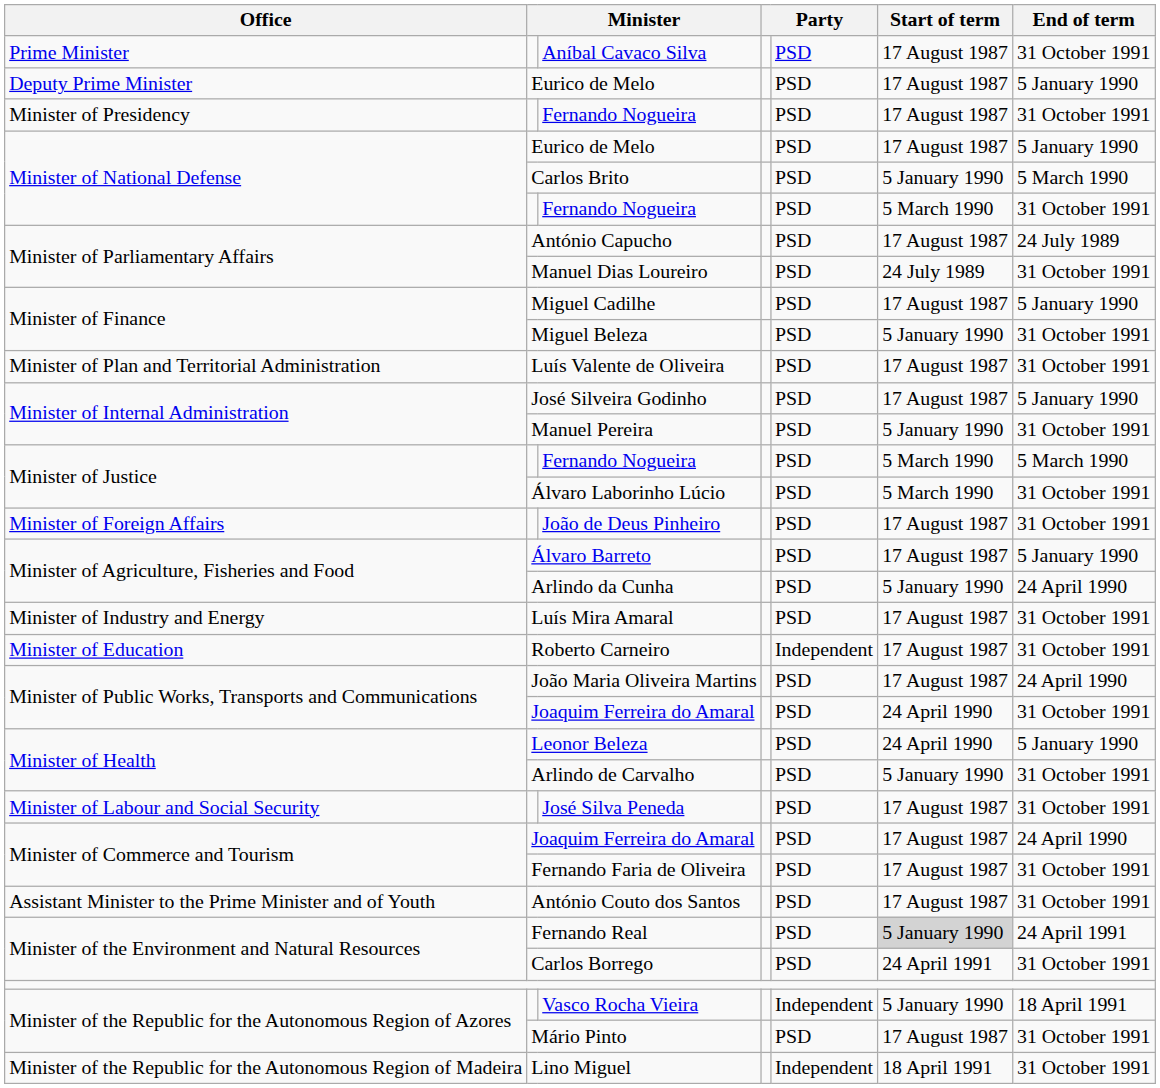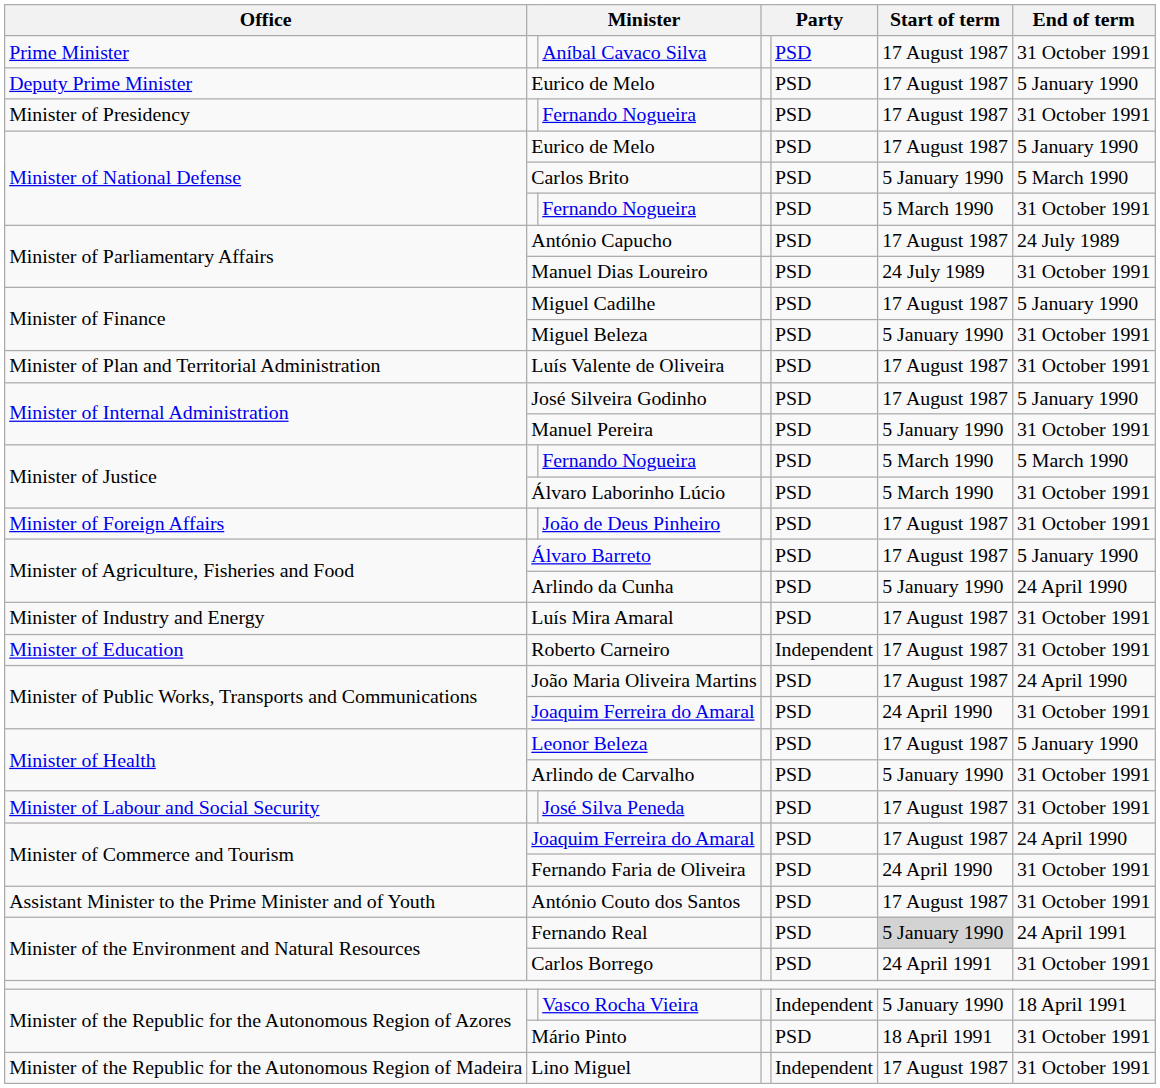 <table class="wikitable">
 <tr>
 <th>Office</th>
 <th colspan="2">Minister</th>
 <th colspan="2">Party</th>
 <th>Start of term</th>
 <th>End of term</th>
 </tr>
 <tr>
 <td><a href='#'>Prime Minister</a></td>
 <td></td>
 <td><a href='#'>Aníbal Cavaco Silva</a></td>
 <td style="background:"></td>
 <td><a href='#'>PSD</a></td>
 <td>17 August 1987</td>
 <td>31 October 1991</td>
 </tr>
 <tr>
 <td><a href='#'>Deputy Prime Minister</a></td>
 <td colspan="2">Eurico de Melo</td>
 <td style="background:"></td>
 <td>PSD</td>
 <td>17 August 1987</td>
 <td>5 January 1990</td>
 </tr>
 <tr>
 <td>Minister of Presidency</td>
 <td></td>
 <td><a href='#'>Fernando Nogueira</a></td>
 <td style="background:"></td>
 <td>PSD</td>
 <td>17 August 1987</td>
 <td>31 October 1991</td>
 </tr>
 <tr>
 <td rowspan="3"><a href='#'>Minister of National Defense</a></td>
 <td colspan="2">Eurico de Melo</td>
 <td style="background:"></td>
 <td>PSD</td>
 <td>17 August 1987</td>
 <td>5 January 1990</td>
 </tr>
 <tr>
 <td colspan="2">Carlos Brito</td>
 <td style="background:"></td>
 <td>PSD</td>
 <td>5 January 1990</td>
 <td>5 March 1990</td>
 </tr>
 <tr>
 <td></td>
 <td><a href='#'>Fernando Nogueira</a></td>
 <td style="background:"></td>
 <td>PSD</td>
 <td>5 March 1990</td>
 <td>31 October 1991</td>
 </tr>
 <tr>
 <td rowspan="2">Minister of Parliamentary Affairs</td>
 <td colspan="2">António Capucho</td>
 <td style="background:"></td>
 <td>PSD</td>
 <td>17 August 1987</td>
 <td>24 July 1989</td>
 </tr>
 <tr>
 <td colspan="2">Manuel Dias Loureiro</td>
 <td style="background:"></td>
 <td>PSD</td>
 <td>24 July 1989</td>
 <td>31 October 1991</td>
 </tr>
 <tr>
 <td rowspan="2">Minister of Finance</td>
 <td colspan="2">Miguel Cadilhe</td>
 <td style="background:"></td>
 <td>PSD</td>
 <td>17 August 1987</td>
 <td>5 January 1990</td>
 </tr>
 <tr>
 <td colspan="2">Miguel Beleza</td>
 <td style="background:"></td>
 <td>PSD</td>
 <td>5 January 1990</td>
 <td>31 October 1991</td>
 </tr>
 <tr>
 <td>Minister of Plan and Territorial Administration</td>
 <td colspan="2">Luís Valente de Oliveira</td>
 <td style="background:"></td>
 <td>PSD</td>
 <td>17 August 1987</td>
 <td>31 October 1991</td>
 </tr>
 <tr>
 <td rowspan="2"><a href='#'>Minister of Internal Administration</a></td>
 <td colspan="2">José Silveira Godinho</td>
 <td style="background:"></td>
 <td>PSD</td>
 <td>17 August 1987</td>
 <td>5 January 1990</td>
 </tr>
 <tr>
 <td colspan="2">Manuel Pereira</td>
 <td style="background:"></td>
 <td>PSD</td>
 <td>5 January 1990</td>
 <td>31 October 1991</td>
 </tr>
 <tr>
 <td rowspan="2">Minister of Justice</td>
 <td></td>
 <td><a href='#'>Fernando Nogueira</a></td>
 <td style="background:"></td>
 <td>PSD</td>
 <td>5 March 1990</td>
 <td>5 March 1990</td>
 </tr>
 <tr>
 <td colspan="2">Álvaro Laborinho Lúcio</td>
 <td style="background:"></td>
 <td>PSD</td>
 <td>5 March 1990</td>
 <td>31 October 1991</td>
 </tr>
 <tr>
 <td><a href='#'>Minister of Foreign Affairs</a></td>
 <td></td>
 <td><a href='#'>João de Deus Pinheiro</a></td>
 <td style="background:"></td>
 <td>PSD</td>
 <td>17 August 1987</td>
 <td>31 October 1991</td>
 </tr>
 <tr>
 <td rowspan="2">Minister of Agriculture, Fisheries and Food</td>
 <td colspan="2"><a href='#'>Álvaro Barreto</a></td>
 <td style="background:"></td>
 <td>PSD</td>
 <td>17 August 1987</td>
 <td>5 January 1990</td>
 </tr>
 <tr>
 <td colspan="2">Arlindo da Cunha</td>
 <td style="background:"></td>
 <td>PSD</td>
 <td>5 January 1990</td>
 <td>24 April 1990</td>
 </tr>
 <tr>
 <td>Minister of Industry and Energy</td>
 <td colspan="2">Luís Mira Amaral</td>
 <td style="background:"></td>
 <td>PSD</td>
 <td>17 August 1987</td>
 <td>31 October 1991</td>
 </tr>
 <tr>
 <td><a href='#'>Minister of Education</a></td>
 <td colspan="2">Roberto Carneiro</td>
 <td style="background:"></td>
 <td>Independent</td>
 <td>17 August 1987</td>
 <td>31 October 1991</td>
 </tr>
 <tr>
 <td rowspan="2">Minister of Public Works, Transports and Communications</td>
 <td colspan="2">João Maria Oliveira Martins</td>
 <td style="background:"></td>
 <td>PSD</td>
 <td>17 August 1987</td>
 <td>24 April 1990</td>
 </tr>
 <tr>
 <td colspan="2"><a href='#'>Joaquim Ferreira do Amaral</a></td>
 <td style="background:"></td>
 <td>PSD</td>
 <td>24 April 1990</td>
 <td>31 October 1991</td>
 </tr>
 <tr>
 <td rowspan="2"><a href='#'>Minister of Health</a></td>
 <td colspan="2"><a href='#'>Leonor Beleza</a></td>
 <td style="background:"></td>
 <td>PSD</td>
-<td>24 April 1990</td>
+<td>17 August 1987</td>
 <td>5 January 1990</td>
 </tr>
 <tr>
 <td colspan="2">Arlindo de Carvalho</td>
 <td style="background:"></td>
 <td>PSD</td>
 <td>5 January 1990</td>
 <td>31 October 1991</td>
 </tr>
 <tr>
 <td><a href='#'>Minister of Labour and Social Security</a></td>
 <td></td>
 <td><a href='#'>José Silva Peneda</a></td>
 <td style="background:"></td>
 <td>PSD</td>
 <td>17 August 1987</td>
 <td>31 October 1991</td>
 </tr>
 <tr>
 <td rowspan="2">Minister of Commerce and Tourism</td>
 <td colspan="2"><a href='#'>Joaquim Ferreira do Amaral</a></td>
 <td style="background:"></td>
 <td>PSD</td>
 <td>17 August 1987</td>
 <td>24 April 1990</td>
 </tr>
 <tr>
 <td colspan="2">Fernando Faria de Oliveira</td>
 <td style="background:"></td>
 <td>PSD</td>
-<td>17 August 1987</td>
+<td>24 April 1990</td>
 <td>31 October 1991</td>
 </tr>
 <tr>
 <td>Assistant Minister to the Prime Minister and of Youth</td>
 <td colspan="2">António Couto dos Santos</td>
 <td style="background:"></td>
 <td>PSD</td>
 <td>17 August 1987</td>
 <td>31 October 1991</td>
 </tr>
 <tr>
 <td rowspan="2">Minister of the Environment and Natural Resources</td>
 <td colspan="2">Fernando Real</td>
 <td style="background:"></td>
 <td>PSD</td>
 <td style="background: lightgrey;">5 January 1990</td>
 <td>24 April 1991</td>
 </tr>
 <tr>
 <td colspan="2">Carlos Borrego</td>
 <td style="background:"></td>
 <td>PSD</td>
 <td>24 April 1991</td>
 <td>31 October 1991</td>
 </tr>
 <tr>
 <td colspan="7"></td>
 </tr>
 <tr>
 <td rowspan="2">Minister of the Republic for the Autonomous Region of Azores</td>
 <td></td>
 <td><a href='#'>Vasco Rocha Vieira</a></td>
 <td style="background:"></td>
 <td>Independent</td>
 <td>5 January 1990</td>
 <td>18 April 1991</td>
 </tr>
 <tr>
 <td colspan="2">Mário Pinto</td>
 <td style="background:"></td>
 <td>PSD</td>
-<td>17 August 1987</td>
+<td>18 April 1991</td>
 <td>31 October 1991</td>
 </tr>
 <tr>
 <td>Minister of the Republic for the Autonomous Region of Madeira</td>
 <td colspan="2">Lino Miguel</td>
 <td style="background:"></td>
 <td>Independent</td>
-<td>18 April 1991</td>
+<td>17 August 1987</td>
 <td>31 October 1991</td>
 </tr>
 </table>
